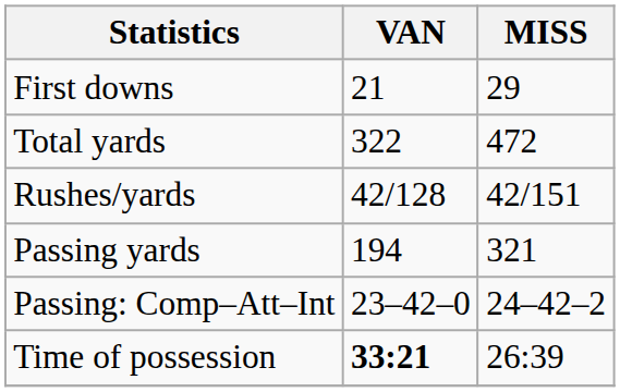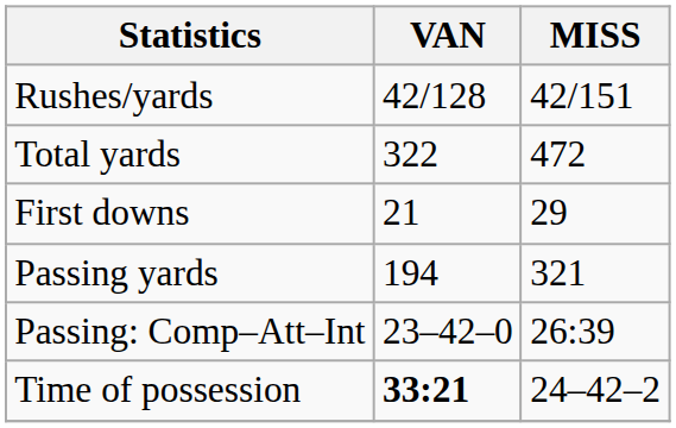 <table class="wikitable" style="float: left;">
 <tr>
 <th>Statistics</th>
 <th>VAN</th>
 <th>MISS</th>
 </tr>
 <tr>
-<td>First downs</td>
-<td>21</td>
-<td>29</td>
+<td>Rushes/yards</td>
+<td>42/128</td>
+<td>42/151</td>
 </tr>
 <tr>
 <td>Total yards</td>
 <td>322</td>
 <td>472</td>
 </tr>
 <tr>
-<td>Rushes/yards</td>
-<td>42/128</td>
-<td>42/151</td>
+<td>First downs</td>
+<td>21</td>
+<td>29</td>
 </tr>
 <tr>
 <td>Passing yards</td>
 <td>194</td>
 <td>321</td>
 </tr>
 <tr>
 <td>Passing: Comp–Att–Int</td>
 <td>23–42–0</td>
-<td>24–42–2</td>
+<td>26:39</td>
 </tr>
 <tr>
 <td>Time of possession</td>
 <td><strong>33:21</strong></td>
-<td>26:39</td>
+<td>24–42–2</td>
 </tr>
 <tr>
 </tr>
 </table>
